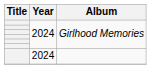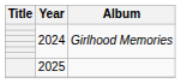 <table class="wikitable plainrowheaders" style="text-align:center;">
 <tr>
 <th scope="col">Title</th>
 <th scope="col">Year</th>
 <th scope="col">Album</th>
 </tr>
 <tr>
 <th scope="row"></th>
 <td rowspan="6">2024</td>
 <td rowspan="6"><em>Girlhood Memories</em></td>
 </tr>
 <tr>
 <th scope="row"></th>
 </tr>
 <tr>
 <th scope="row"></th>
 </tr>
 <tr>
 <th scope="row"></th>
 </tr>
 <tr>
 <th scope="row"></th>
 </tr>
 <tr>
 <th scope="row"></th>
 </tr>
 <tr>
 <th scope="row"></th>
-<td>2024</td>
+<td>2025</td>
 <td></td>
 </tr>
 <tr>
 </tr>
 </table>
